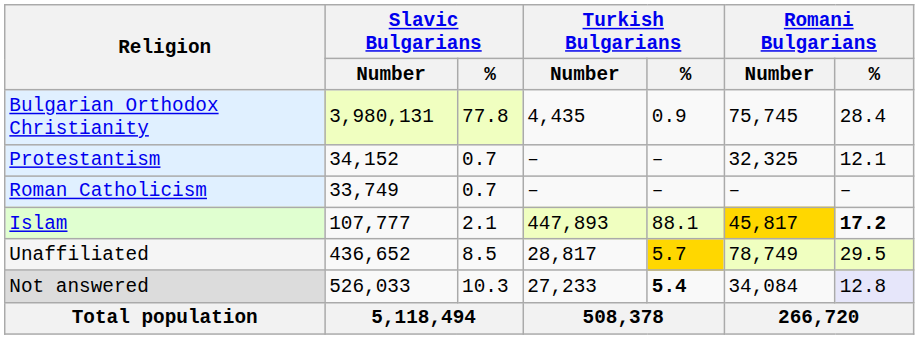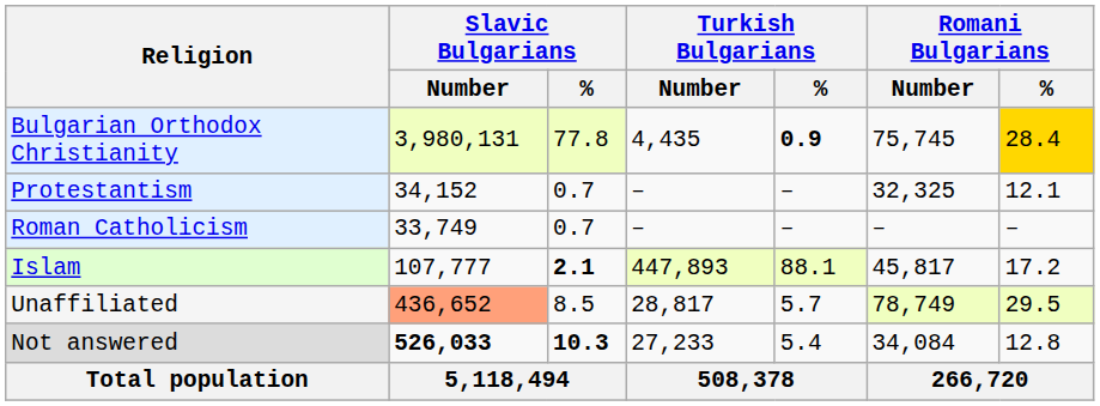 <table class="wikitable">
 <tr>
 <th rowspan="2">Religion</th>
 <th style="text-align:center;" colspan="2"><a href='#'>Slavic Bulgarians</a></th>
 <th style="text-align:center;" colspan="2"><a href='#'>Turkish Bulgarians</a></th>
 <th style="text-align:center;" colspan="2"><a href='#'>Romani Bulgarians</a></th>
 </tr>
 <tr>
 <th>Number</th>
 <th>%</th>
 <th>Number</th>
 <th>%</th>
 <th>Number</th>
 <th>%</th>
 </tr>
 <tr>
 <td style="background:#E0F0FF;"><a href='#'>Bulgarian Orthodox Christianity</a></td>
 <td style="background:#F0FFC0;">3,980,131</td>
 <td style="background:#F0FFC0;">77.8</td>
 <td>4,435</td>
-<td>0.9</td>
+<td><strong>0.9</strong></td>
 <td>75,745</td>
-<td>28.4</td>
+<td style="background: gold;">28.4</td>
 </tr>
 <tr>
 <td style="background:#E0F0FF;"><a href='#'>Protestantism</a></td>
 <td>34,152</td>
 <td>0.7</td>
 <td>–</td>
 <td>–</td>
 <td>32,325</td>
 <td>12.1</td>
 </tr>
 <tr>
 <td style="background:#E0F0FF;"><a href='#'>Roman Catholicism</a></td>
 <td>33,749</td>
 <td>0.7</td>
 <td>–</td>
 <td>–</td>
 <td>–</td>
 <td>–</td>
 </tr>
 <tr>
 <td style="background:#E0FFD0;"><a href='#'>Islam</a></td>
 <td>107,777</td>
-<td>2.1</td>
+<td><strong>2.1</strong></td>
 <td style="background:#F0FFC0;">447,893</td>
 <td style="background:#F0FFC0;">88.1</td>
-<td style="background: gold;">45,817</td>
-<td><strong>17.2</strong></td>
+<td>45,817</td>
+<td>17.2</td>
 </tr>
 <tr>
 <td style="background:#F5F5F5;">Unaffiliated</td>
-<td>436,652</td>
+<td style="background: lightsalmon;">436,652</td>
 <td>8.5</td>
 <td>28,817</td>
-<td style="background: gold;">5.7</td>
+<td>5.7</td>
 <td style="background:#F0FFC0;">78,749</td>
 <td style="background:#F0FFC0;">29.5</td>
 </tr>
 <tr>
 <td style="background:#DCDCDC;">Not answered</td>
-<td>526,033</td>
-<td>10.3</td>
+<td><strong>526,033</strong></td>
+<td><strong>10.3</strong></td>
 <td>27,233</td>
-<td><strong>5.4</strong></td>
+<td>5.4</td>
 <td>34,084</td>
-<td style="background: lavender;">12.8</td>
+<td>12.8</td>
 </tr>
 <tr>
 <th>Total population</th>
 <th colspan="2">5,118,494</th>
 <th colspan="2">508,378</th>
 <th colspan="2">266,720</th>
 </tr>
 </table>
